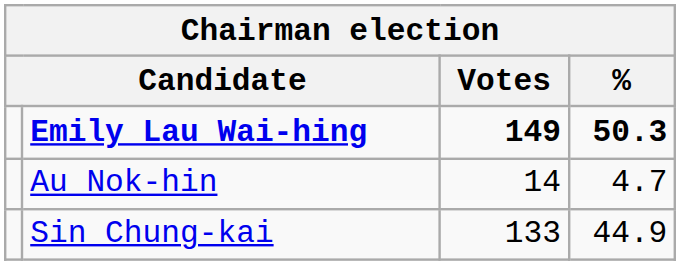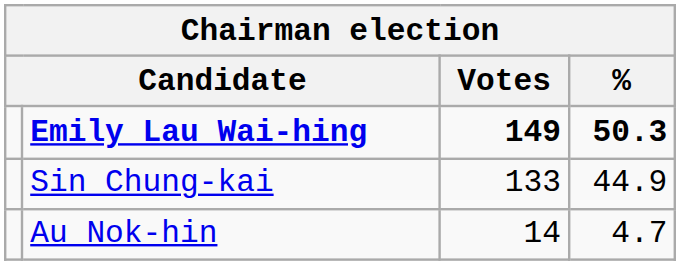 <table class="wikitable" style="text-align:right; width:280px">
 <tr>
 <th colspan=4>Chairman election</th>
 </tr>
 <tr>
 <th colspan=2>Candidate</th>
 <th>Votes</th>
 <th>%</th>
 </tr>
 <tr>
 <td></td>
 <td align=left><strong><a href='#'>Emily Lau Wai-hing</a></strong></td>
 <td><strong>149</strong></td>
 <td><strong>50.3</strong></td>
 </tr>
 <tr>
 <td></td>
+<td align=left><a href='#'>Sin Chung-kai</a></td>
+<td>133</td>
+<td>44.9</td>
+</tr>
+<tr>
+<td></td>
 <td align=left><a href='#'>Au Nok-hin</a></td>
 <td>14</td>
 <td>4.7</td>
 </tr>
-<tr>
-<td></td>
-<td align=left><a href='#'>Sin Chung-kai</a></td>
-<td>133</td>
-<td>44.9</td>
-</tr>
 </table>
